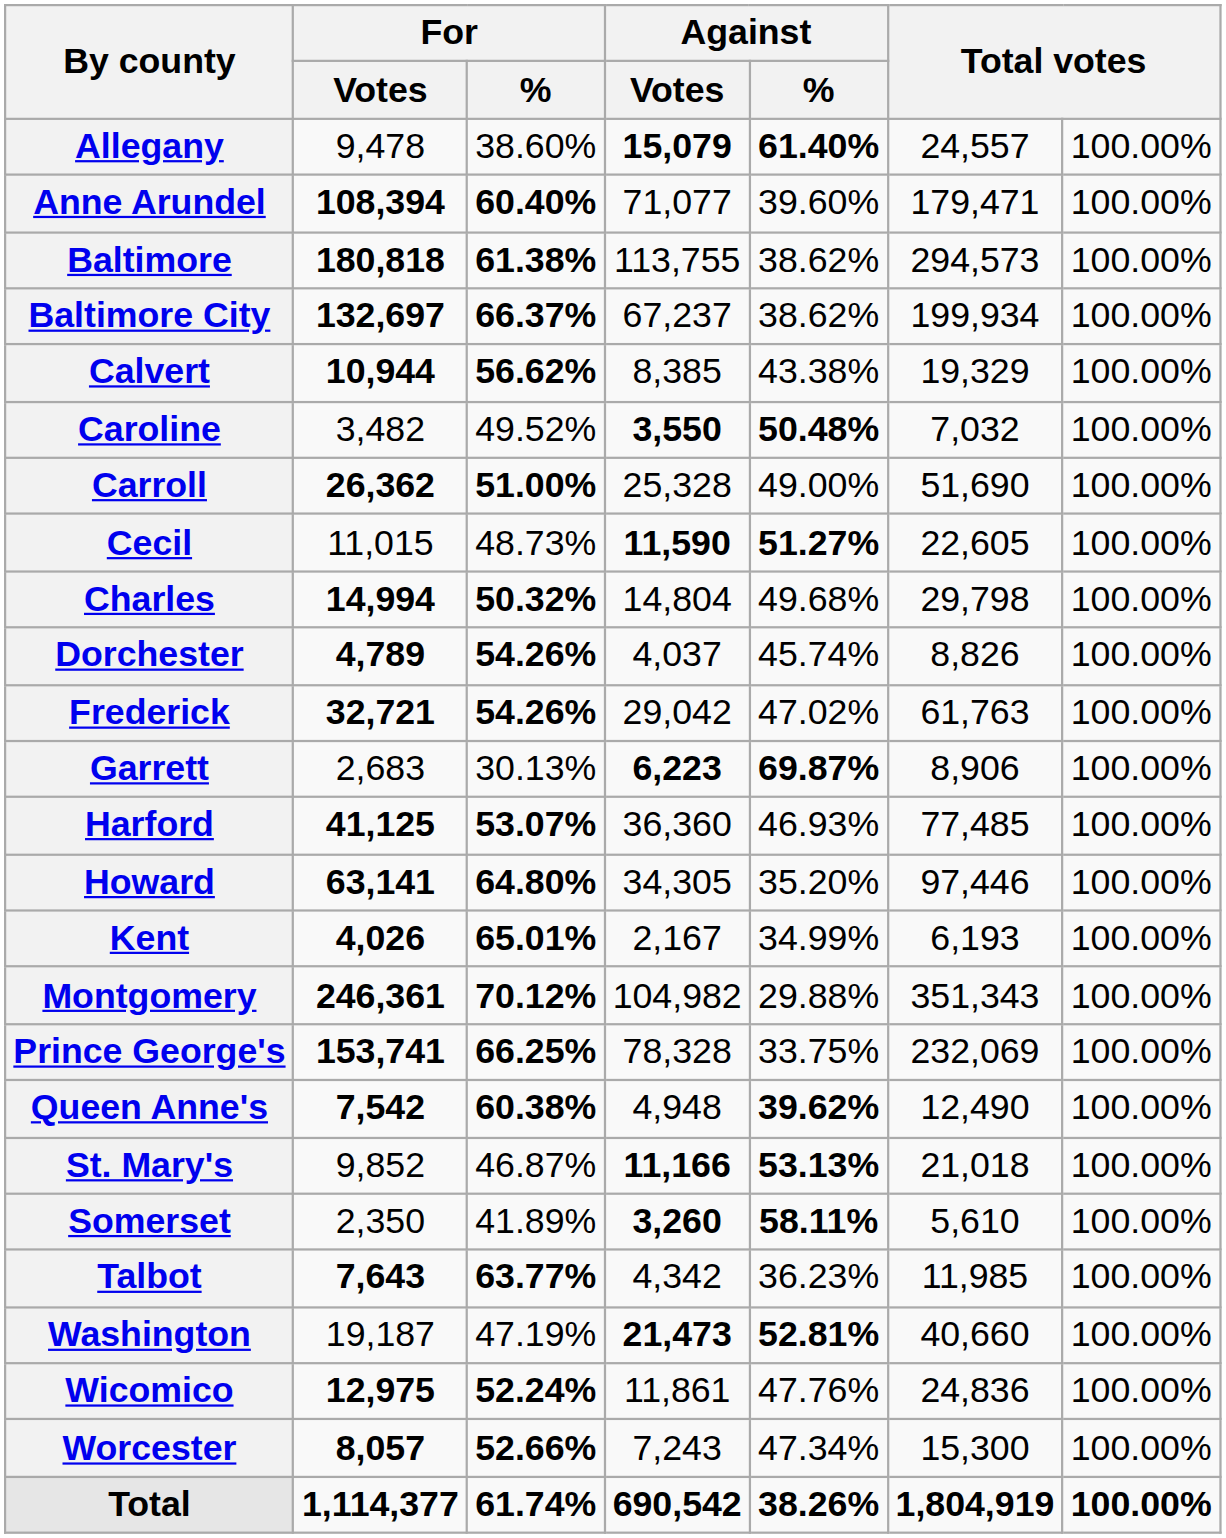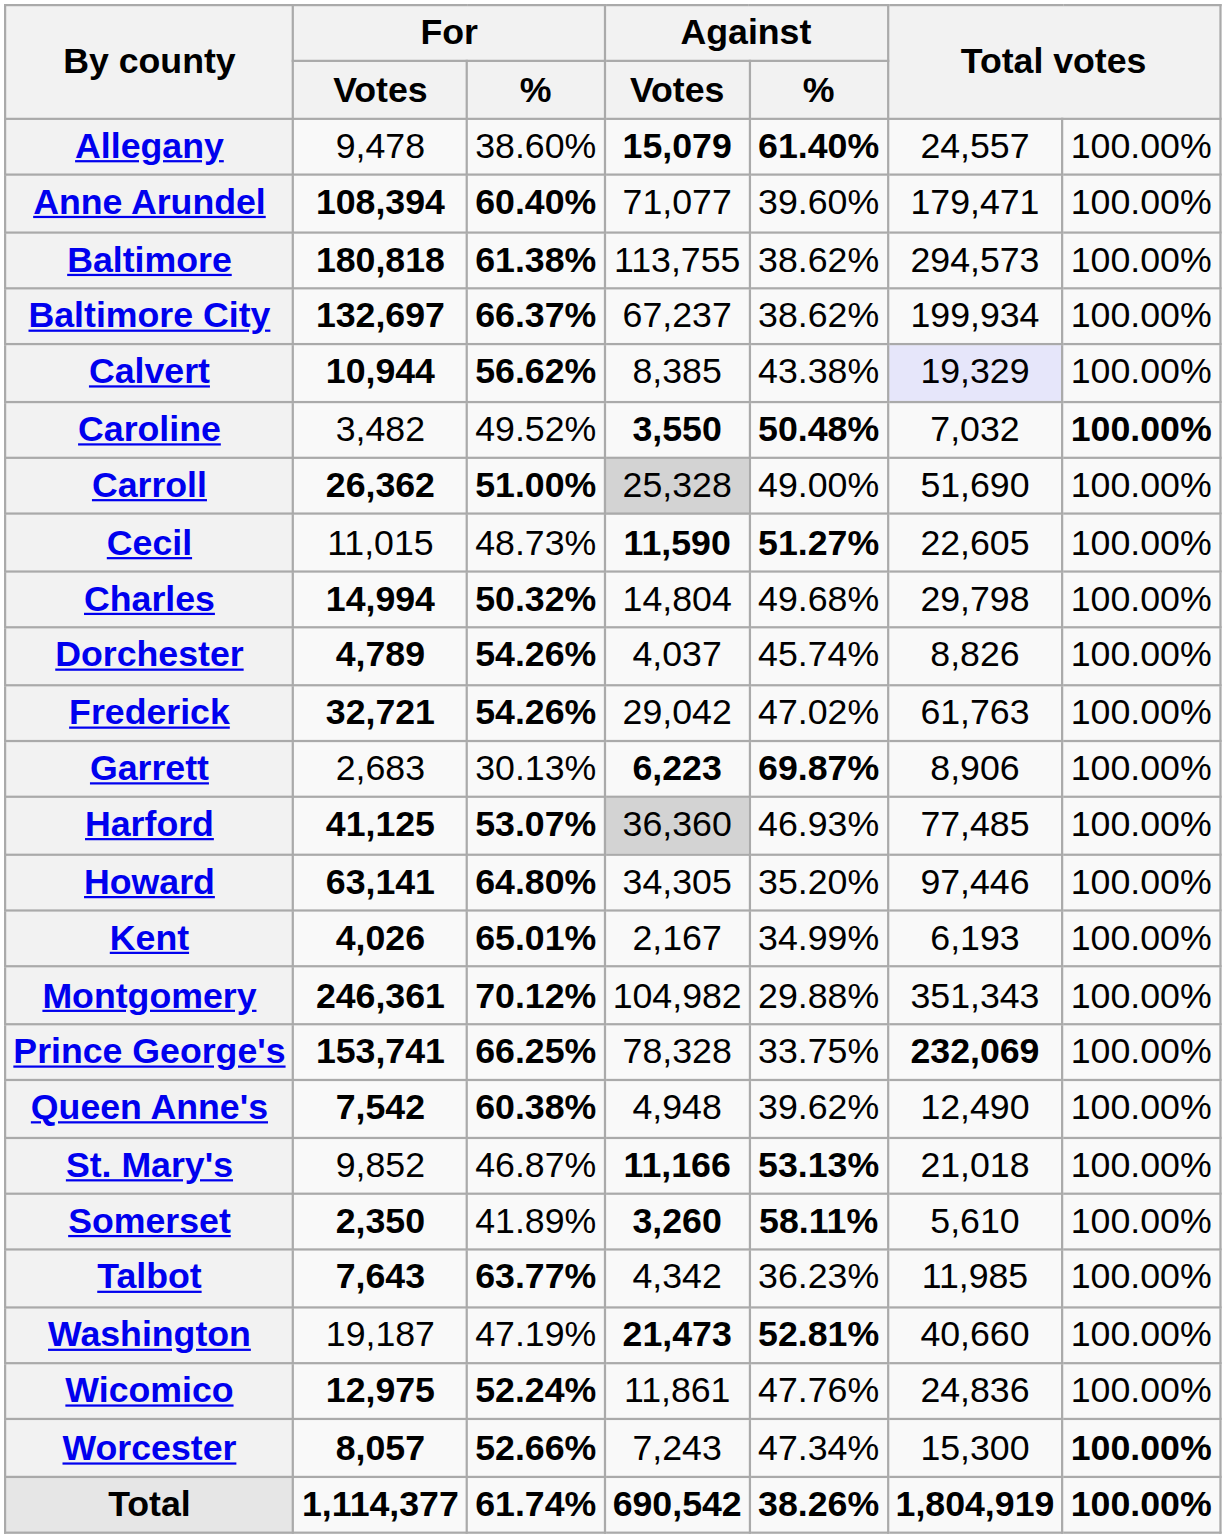 <table class="wikitable sortable" style="text-align:center">
 <tr>
 <th rowspan="2">By county</th>
 <th colspan="2">For</th>
 <th colspan="2">Against</th>
 <th rowspan="2" colspan="2">Total votes</th>
 </tr>
 <tr class="sorttop">
 <th>Votes</th>
 <th>%</th>
 <th>Votes</th>
 <th>%</th>
 </tr>
 <tr>
 <th><a href='#'>Allegany</a></th>
 <td>9,478</td>
 <td>38.60%</td>
 <td><strong>15,079</strong></td>
 <td><strong>61.40%</strong></td>
 <td>24,557</td>
 <td>100.00%</td>
 </tr>
 <tr>
 <th><a href='#'>Anne Arundel</a></th>
 <td><strong>108,394</strong></td>
 <td><strong>60.40%</strong></td>
 <td>71,077</td>
 <td>39.60%</td>
 <td>179,471</td>
 <td>100.00%</td>
 </tr>
 <tr>
 <th><a href='#'>Baltimore</a></th>
 <td><strong>180,818</strong></td>
 <td><strong>61.38%</strong></td>
 <td>113,755</td>
 <td>38.62%</td>
 <td>294,573</td>
 <td>100.00%</td>
 </tr>
 <tr>
 <th><a href='#'>Baltimore City</a></th>
 <td><strong>132,697</strong></td>
 <td><strong>66.37%</strong></td>
 <td>67,237</td>
 <td>38.62%</td>
 <td>199,934</td>
 <td>100.00%</td>
 </tr>
 <tr>
 <th><a href='#'>Calvert</a></th>
 <td><strong>10,944</strong></td>
 <td><strong>56.62%</strong></td>
 <td>8,385</td>
 <td>43.38%</td>
-<td>19,329</td>
+<td style="background: lavender;">19,329</td>
 <td>100.00%</td>
 </tr>
 <tr>
 <th><a href='#'>Caroline</a></th>
 <td>3,482</td>
 <td>49.52%</td>
 <td><strong>3,550</strong></td>
 <td><strong>50.48%</strong></td>
 <td>7,032</td>
-<td>100.00%</td>
+<td><strong>100.00%</strong></td>
 </tr>
 <tr>
 <th><a href='#'>Carroll</a></th>
 <td><strong>26,362</strong></td>
 <td><strong>51.00%</strong></td>
-<td>25,328</td>
+<td style="background: lightgrey;">25,328</td>
 <td>49.00%</td>
 <td>51,690</td>
 <td>100.00%</td>
 </tr>
 <tr>
 <th><a href='#'>Cecil</a></th>
 <td>11,015</td>
 <td>48.73%</td>
 <td><strong>11,590</strong></td>
 <td><strong>51.27%</strong></td>
 <td>22,605</td>
 <td>100.00%</td>
 </tr>
 <tr>
 <th><a href='#'>Charles</a></th>
 <td><strong>14,994</strong></td>
 <td><strong>50.32%</strong></td>
 <td>14,804</td>
 <td>49.68%</td>
 <td>29,798</td>
 <td>100.00%</td>
 </tr>
 <tr>
 <th><a href='#'>Dorchester</a></th>
 <td><strong>4,789</strong></td>
 <td><strong>54.26%</strong></td>
 <td>4,037</td>
 <td>45.74%</td>
 <td>8,826</td>
 <td>100.00%</td>
 </tr>
 <tr>
 <th><a href='#'>Frederick</a></th>
 <td><strong>32,721</strong></td>
 <td><strong>54.26%</strong></td>
 <td>29,042</td>
 <td>47.02%</td>
 <td>61,763</td>
 <td>100.00%</td>
 </tr>
 <tr>
 <th><a href='#'>Garrett</a></th>
 <td>2,683</td>
 <td>30.13%</td>
 <td><strong>6,223</strong></td>
 <td><strong>69.87%</strong></td>
 <td>8,906</td>
 <td>100.00%</td>
 </tr>
 <tr>
 <th><a href='#'>Harford</a></th>
 <td><strong>41,125</strong></td>
 <td><strong>53.07%</strong></td>
-<td>36,360</td>
+<td style="background: lightgrey;">36,360</td>
 <td>46.93%</td>
 <td>77,485</td>
 <td>100.00%</td>
 </tr>
 <tr>
 <th><a href='#'>Howard</a></th>
 <td><strong>63,141</strong></td>
 <td><strong>64.80%</strong></td>
 <td>34,305</td>
 <td>35.20%</td>
 <td>97,446</td>
 <td>100.00%</td>
 </tr>
 <tr>
 <th><a href='#'>Kent</a></th>
 <td><strong>4,026</strong></td>
 <td><strong>65.01%</strong></td>
 <td>2,167</td>
 <td>34.99%</td>
 <td>6,193</td>
 <td>100.00%</td>
 </tr>
 <tr>
 <th><a href='#'>Montgomery</a></th>
 <td><strong>246,361</strong></td>
 <td><strong>70.12%</strong></td>
 <td>104,982</td>
 <td>29.88%</td>
 <td>351,343</td>
 <td>100.00%</td>
 </tr>
 <tr>
 <th><a href='#'>Prince George's</a></th>
 <td><strong>153,741</strong></td>
 <td><strong>66.25%</strong></td>
 <td>78,328</td>
 <td>33.75%</td>
-<td>232,069</td>
+<td><strong>232,069</strong></td>
 <td>100.00%</td>
 </tr>
 <tr>
 <th><a href='#'>Queen Anne's</a></th>
 <td><strong>7,542</strong></td>
 <td><strong>60.38%</strong></td>
 <td>4,948</td>
-<td><strong>39.62%</strong></td>
+<td>39.62%</td>
 <td>12,490</td>
 <td>100.00%</td>
 </tr>
 <tr>
 <th><a href='#'>St. Mary's</a></th>
 <td>9,852</td>
 <td>46.87%</td>
 <td><strong>11,166</strong></td>
 <td><strong>53.13%</strong></td>
 <td>21,018</td>
 <td>100.00%</td>
 </tr>
 <tr>
 <th><a href='#'>Somerset</a></th>
-<td>2,350</td>
+<td><strong>2,350</strong></td>
 <td>41.89%</td>
 <td><strong>3,260</strong></td>
 <td><strong>58.11%</strong></td>
 <td>5,610</td>
 <td>100.00%</td>
 </tr>
 <tr>
 <th><a href='#'>Talbot</a></th>
 <td><strong>7,643</strong></td>
 <td><strong>63.77%</strong></td>
 <td>4,342</td>
 <td>36.23%</td>
 <td>11,985</td>
 <td>100.00%</td>
 </tr>
 <tr>
 <th><a href='#'>Washington</a></th>
 <td>19,187</td>
 <td>47.19%</td>
 <td><strong>21,473</strong></td>
 <td><strong>52.81%</strong></td>
 <td>40,660</td>
 <td>100.00%</td>
 </tr>
 <tr>
 <th><a href='#'>Wicomico</a></th>
 <td><strong>12,975</strong></td>
 <td><strong>52.24%</strong></td>
 <td>11,861</td>
 <td>47.76%</td>
 <td>24,836</td>
 <td>100.00%</td>
 </tr>
 <tr>
 <th><a href='#'>Worcester</a></th>
 <td><strong>8,057</strong></td>
 <td><strong>52.66%</strong></td>
 <td>7,243</td>
 <td>47.34%</td>
 <td>15,300</td>
-<td>100.00%</td>
+<td><strong>100.00%</strong></td>
 </tr>
 <tr class="sortbottom">
 <td style="background-color:#E6E6E6;"><strong>Total</strong></td>
 <td><strong>1,114,377</strong></td>
 <td><strong>61.74%</strong></td>
 <td><strong>690,542</strong></td>
 <td><strong>38.26%</strong></td>
 <td><strong>1,804,919</strong></td>
 <td><strong>100.00%</strong></td>
 </tr>
 </table>
